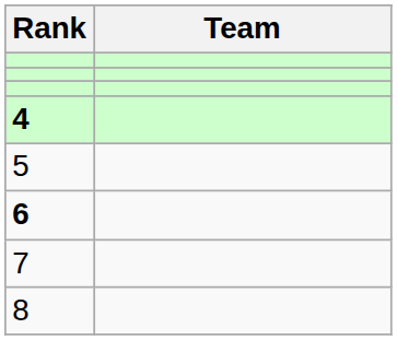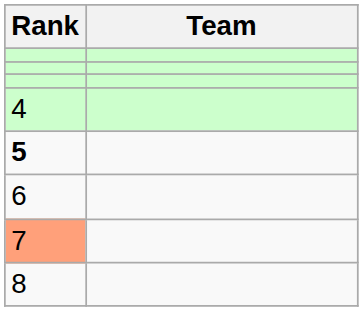 <table class="wikitable">
 <tr>
 <th width=30>Rank</th>
 <th width=150>Team</th>
 </tr>
 <tr bgcolor=#ccffcc>
 <td></td>
 <td></td>
 </tr>
 <tr bgcolor=#ccffcc>
 <td></td>
 <td></td>
 </tr>
 <tr bgcolor=#ccffcc>
 <td></td>
 <td></td>
 </tr>
 <tr bgcolor=#ccffcc>
-<td><strong>4</strong></td>
+<td>4</td>
 <td></td>
 </tr>
 <tr>
-<td>5</td>
+<td><strong>5</strong></td>
 <td></td>
 </tr>
 <tr>
-<td><strong>6</strong></td>
+<td>6</td>
 <td></td>
 </tr>
 <tr>
-<td>7</td>
+<td style="background: lightsalmon;">7</td>
 <td></td>
 </tr>
 <tr>
 <td>8</td>
 <td></td>
 </tr>
 </table>
